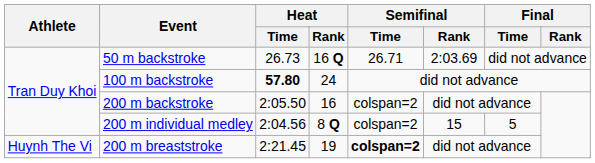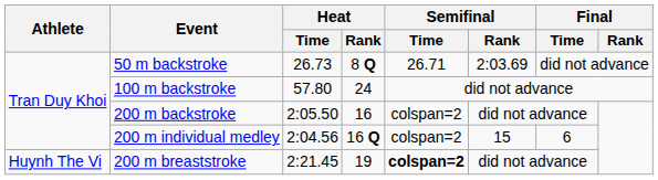 <table class=wikitable style="font-size:90%">
 <tr>
 <th rowspan=2>Athlete</th>
 <th rowspan=2>Event</th>
 <th colspan="2">Heat</th>
 <th colspan="2">Semifinal</th>
 <th colspan="2">Final</th>
 </tr>
 <tr style="font-size:95%">
 <th>Time</th>
 <th>Rank</th>
 <th>Time</th>
 <th>Rank</th>
 <th>Time</th>
 <th>Rank</th>
 </tr>
 <tr align=center>
 <td align=left rowspan=4><a href='#'>Tran Duy Khoi</a></td>
 <td align=left><a href='#'>50 m backstroke</a></td>
 <td>26.73</td>
-<td>16 <strong>Q</strong></td>
+<td>8 <strong>Q</strong></td>
 <td>26.71</td>
 <td>2:03.69</td>
 <td colspan=2>did not advance</td>
 </tr>
 <tr align=center>
 <td align=left><a href='#'>100 m backstroke</a></td>
-<td><strong>57.80</strong></td>
+<td>57.80</td>
 <td>24</td>
 <td colspan=4>did not advance</td>
 </tr>
 <tr align=center>
 <td align=left><a href='#'>200 m backstroke</a></td>
 <td>2:05.50</td>
 <td>16</td>
 <td>colspan=2 </td>
 <td colspan=2>did not advance</td>
 </tr>
 <tr align=center>
 <td align=left><a href='#'>200 m individual medley</a></td>
 <td>2:04.56</td>
-<td>8 <strong>Q</strong></td>
+<td>16 <strong>Q</strong></td>
 <td>colspan=2 </td>
 <td>15</td>
-<td>5</td>
+<td>6</td>
 </tr>
 <tr align=center>
 <td align=left><a href='#'>Huynh The Vi</a></td>
 <td align=left><a href='#'>200 m breaststroke</a></td>
 <td>2:21.45</td>
 <td>19</td>
 <td><strong>colspan=2 </strong></td>
 <td colspan=2>did not advance</td>
 </tr>
 </table>
